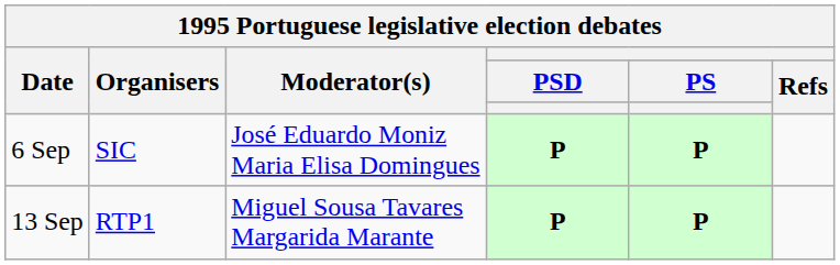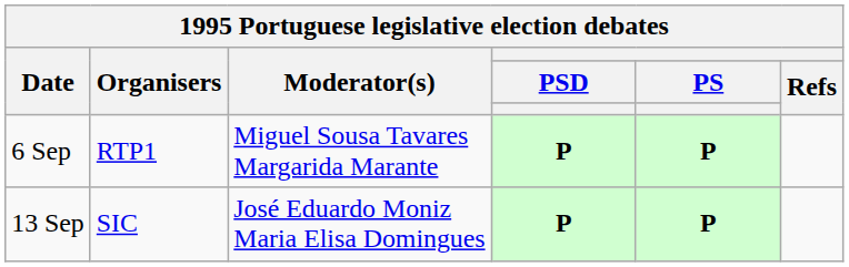 <table class="wikitable" style="font-size:98%; text-align:center;">
 <tr>
 <th colspan="20">1995 Portuguese legislative election debates</th>
 </tr>
 <tr>
 <th rowspan="3">Date</th>
 <th rowspan="3">Organisers</th>
 <th rowspan="3">Moderator(s)</th>
 <th colspan="18">      </th>
 </tr>
 <tr>
 <th scope="col" style="width:5em;"><a href='#'>PSD</a><br></th>
 <th scope="col" style="width:5em;"><a href='#'>PS</a><br></th>
 <th rowspan="2">Refs</th>
 </tr>
 <tr>
 <th style="color:inherit;background:"></th>
 <th style="color:inherit;background:"></th>
 </tr>
 <tr>
 <td style="white-space:nowrap; text-align:left;">6 Sep</td>
+<td style="white-space:nowrap; text-align:left;"><a href='#'>RTP1</a></td>
+<td style="white-space:nowrap; text-align:left;"><a href='#'>Miguel Sousa Tavares</a><br><a href='#'>Margarida Marante</a></td>
+<td style="background:#D0FFD0;"><strong>P</strong></td>
+<td style="background:#D0FFD0;"><strong>P</strong></td>
+<td></td>
+</tr>
+<tr>
+<td style="white-space:nowrap; text-align:left;">13 Sep</td>
 <td style="white-space:nowrap; text-align:left;"><a href='#'>SIC</a></td>
 <td style="white-space:nowrap; text-align:left;"><a href='#'>José Eduardo Moniz</a><br><a href='#'>Maria Elisa Domingues</a></td>
 <td style="background:#D0FFD0;"><strong>P</strong></td>
 <td style="background:#D0FFD0;"><strong>P</strong></td>
 <td></td>
 </tr>
-<tr>
-<td style="white-space:nowrap; text-align:left;">13 Sep</td>
-<td style="white-space:nowrap; text-align:left;"><a href='#'>RTP1</a></td>
-<td style="white-space:nowrap; text-align:left;"><a href='#'>Miguel Sousa Tavares</a><br><a href='#'>Margarida Marante</a></td>
-<td style="background:#D0FFD0;"><strong>P</strong></td>
-<td style="background:#D0FFD0;"><strong>P</strong></td>
-<td></td>
-</tr>
 </table>
